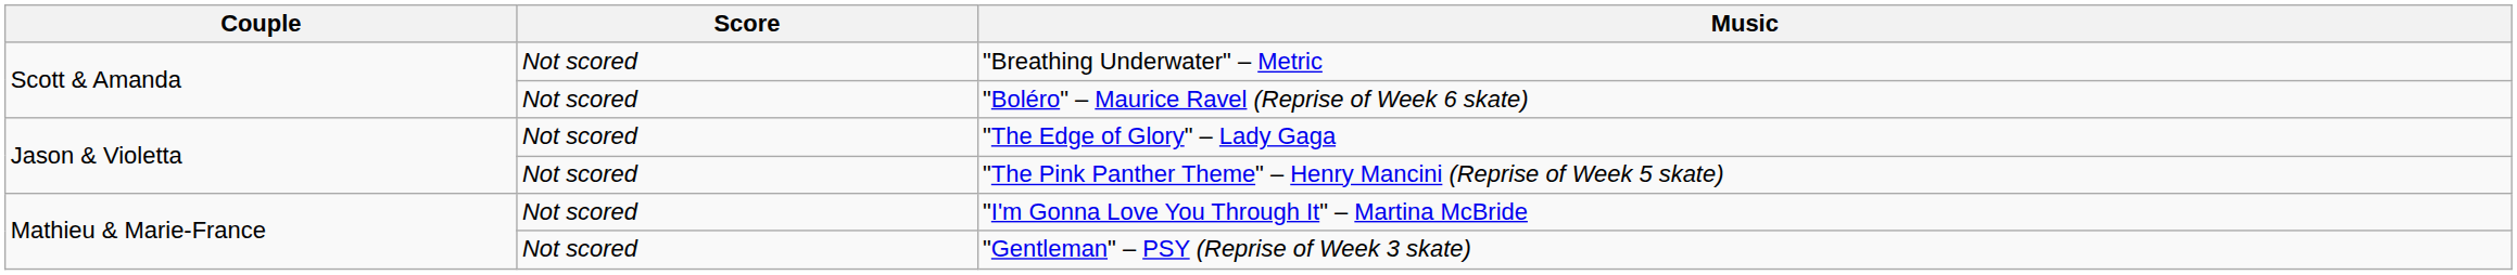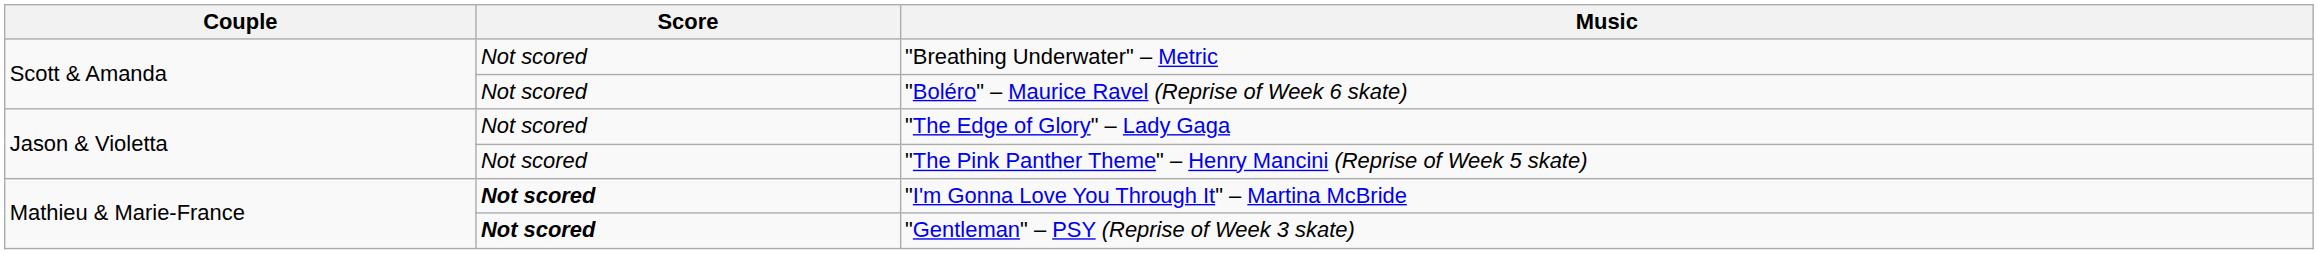 <table class="wikitable" style="width:85%;">
 <tr>
 <th style="width:20%;">Couple</th>
 <th style="width:18%;">Score</th>
 <th style="width:60%;">Music</th>
 </tr>
 <tr>
 <td rowspan=2>Scott & Amanda</td>
 <td><em>Not scored</em></td>
 <td>"Breathing Underwater" – <a href='#'>Metric</a></td>
 </tr>
 <tr>
 <td><em>Not scored</em></td>
 <td>"<a href='#'>Boléro</a>" – <a href='#'>Maurice Ravel</a> <em>(Reprise of Week 6 skate)</em></td>
 </tr>
 <tr>
 <td rowspan=2>Jason & Violetta</td>
 <td><em>Not scored</em></td>
 <td>"<a href='#'>The Edge of Glory</a>" – <a href='#'>Lady Gaga</a></td>
 </tr>
 <tr>
 <td><em>Not scored</em></td>
 <td>"<a href='#'>The Pink Panther Theme</a>" – <a href='#'>Henry Mancini</a> <em>(Reprise of Week 5 skate)</em></td>
 </tr>
 <tr>
 <td rowspan=2>Mathieu & Marie-France</td>
-<td><em>Not scored</em></td>
+<td><strong><em>Not scored</em></strong></td>
 <td>"<a href='#'>I'm Gonna Love You Through It</a>" – <a href='#'>Martina McBride</a></td>
 </tr>
 <tr>
-<td><em>Not scored</em></td>
+<td><strong><em>Not scored</em></strong></td>
 <td>"<a href='#'>Gentleman</a>" – <a href='#'>PSY</a> <em>(Reprise of Week 3 skate)</em></td>
 </tr>
 </table>
